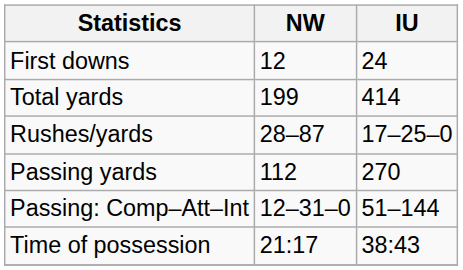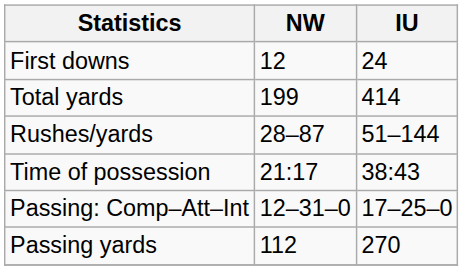 <table class="wikitable" style="float: left;">
 <tr>
 <th>Statistics</th>
 <th>NW</th>
 <th>IU</th>
 </tr>
 <tr>
 <td>First downs</td>
 <td>12</td>
 <td>24</td>
 </tr>
 <tr>
 <td>Total yards</td>
 <td>199</td>
 <td>414</td>
 </tr>
 <tr>
 <td>Rushes/yards</td>
 <td>28–87</td>
+<td>51–144</td>
+</tr>
+<tr>
+<td>Time of possession</td>
+<td>21:17</td>
+<td>38:43</td>
+</tr>
+<tr>
+<td>Passing: Comp–Att–Int</td>
+<td>12–31–0</td>
 <td>17–25–0</td>
 </tr>
 <tr>
 <td>Passing yards</td>
 <td>112</td>
 <td>270</td>
 </tr>
 <tr>
-<td>Passing: Comp–Att–Int</td>
-<td>12–31–0</td>
-<td>51–144</td>
-</tr>
-<tr>
-<td>Time of possession</td>
-<td>21:17</td>
-<td>38:43</td>
-</tr>
-<tr>
 </tr>
 </table>
